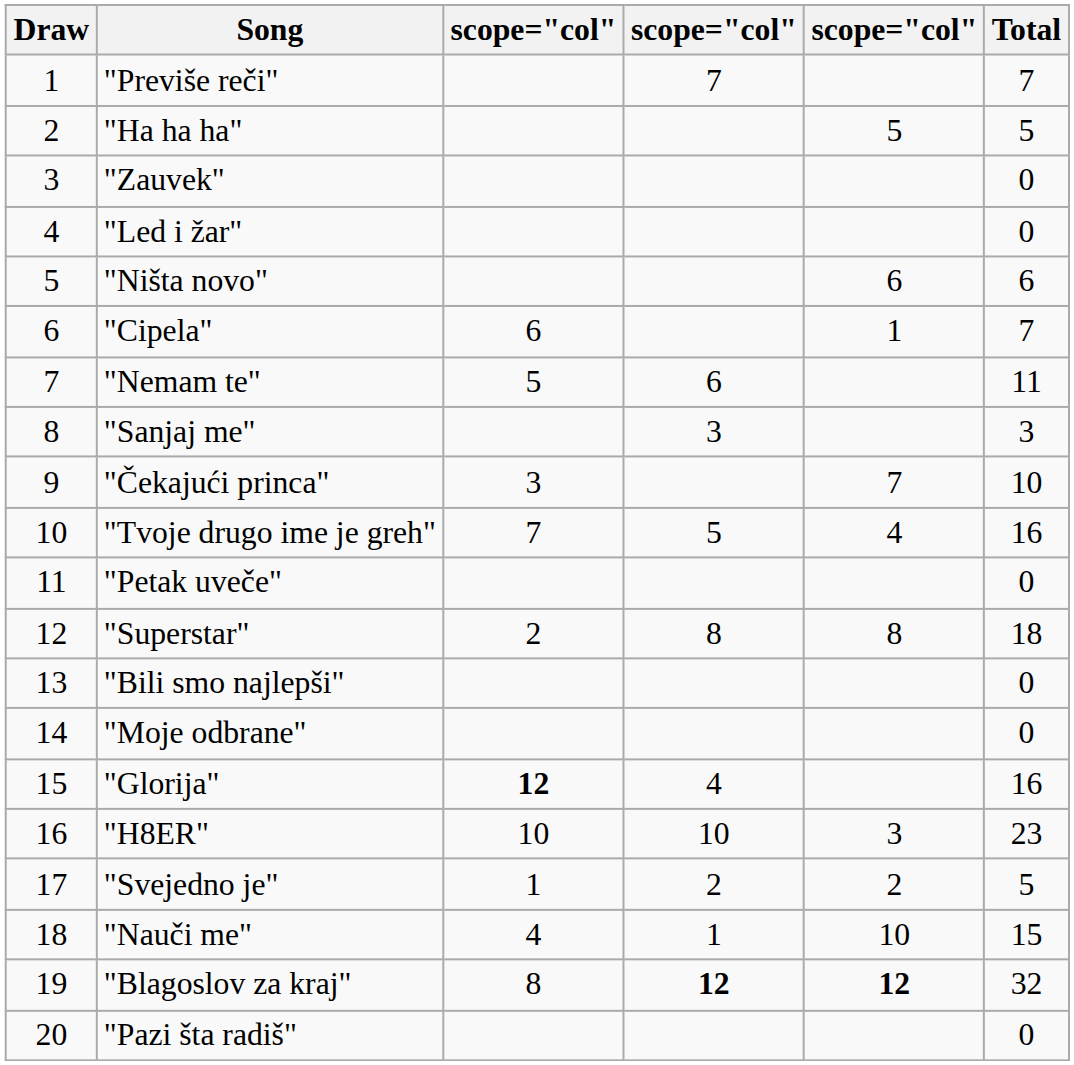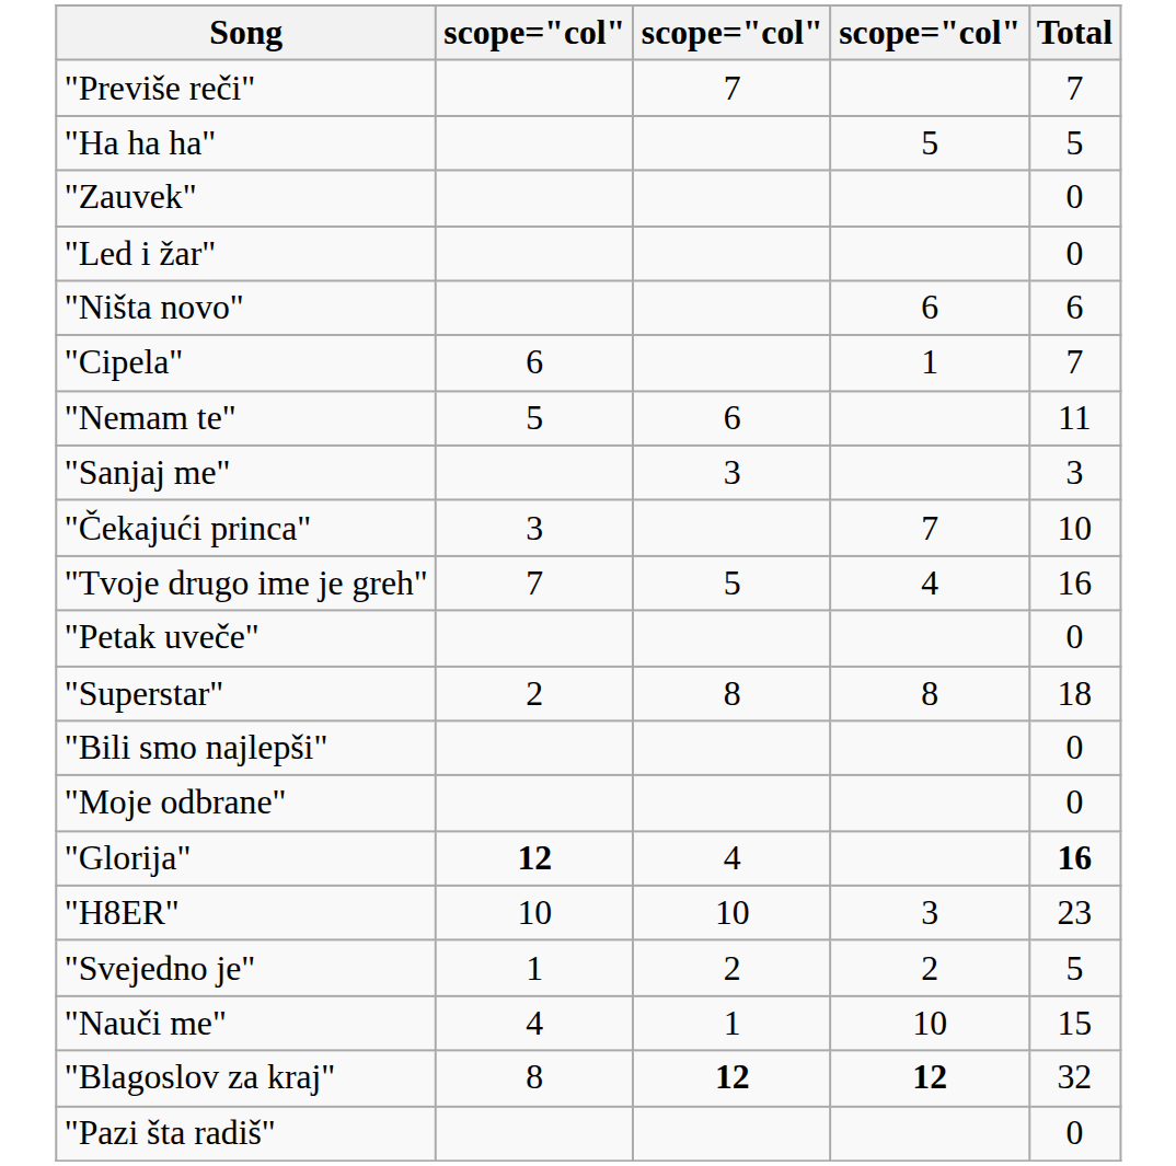 <table class="wikitable collapsible" style="margin: 1em auto 1em auto; text-align:center;">
 <tr>
-<th>Draw</th>
 <th>Song</th>
 <th>scope="col" </th>
 <th>scope="col" </th>
 <th>scope="col" </th>
 <th>Total</th>
 </tr>
 <tr>
-<td>1</td>
 <td align="left">"Previše reči"</td>
 <td></td>
 <td>7</td>
 <td></td>
 <td>7</td>
 </tr>
 <tr>
-<td>2</td>
 <td align="left">"Ha ha ha"</td>
 <td></td>
 <td></td>
 <td>5</td>
 <td>5</td>
 </tr>
 <tr>
-<td>3</td>
 <td align="left">"Zauvek"</td>
 <td></td>
 <td></td>
 <td></td>
 <td>0</td>
 </tr>
 <tr>
-<td>4</td>
 <td align="left">"Led i žar"</td>
 <td></td>
 <td></td>
 <td></td>
 <td>0</td>
 </tr>
 <tr>
-<td>5</td>
 <td align="left">"Ništa novo"</td>
 <td></td>
 <td></td>
 <td>6</td>
 <td>6</td>
 </tr>
 <tr>
-<td>6</td>
 <td align="left">"Cipela"</td>
 <td>6</td>
 <td></td>
 <td>1</td>
 <td>7</td>
 </tr>
 <tr>
-<td>7</td>
 <td align="left">"Nemam te"</td>
 <td>5</td>
 <td>6</td>
 <td></td>
 <td>11</td>
 </tr>
 <tr>
-<td>8</td>
 <td align="left">"Sanjaj me"</td>
 <td></td>
 <td>3</td>
 <td></td>
 <td>3</td>
 </tr>
 <tr>
-<td>9</td>
 <td align="left">"Čekajući princa"</td>
 <td>3</td>
 <td></td>
 <td>7</td>
 <td>10</td>
 </tr>
 <tr>
-<td>10</td>
 <td align="left">"Tvoje drugo ime je greh"</td>
 <td>7</td>
 <td>5</td>
 <td>4</td>
 <td>16</td>
 </tr>
 <tr>
-<td>11</td>
 <td align="left">"Petak uveče"</td>
 <td></td>
 <td></td>
 <td></td>
 <td>0</td>
 </tr>
 <tr>
-<td>12</td>
 <td align="left">"Superstar"</td>
 <td>2</td>
 <td>8</td>
 <td>8</td>
 <td>18</td>
 </tr>
 <tr>
-<td>13</td>
 <td align="left">"Bili smo najlepši"</td>
 <td></td>
 <td></td>
 <td></td>
 <td>0</td>
 </tr>
 <tr>
-<td>14</td>
 <td align="left">"Moje odbrane"</td>
 <td></td>
 <td></td>
 <td></td>
 <td>0</td>
 </tr>
 <tr>
-<td>15</td>
 <td align="left">"Glorija"</td>
 <td><strong>12</strong></td>
 <td>4</td>
 <td></td>
-<td>16</td>
+<td><strong>16</strong></td>
 </tr>
 <tr>
-<td>16</td>
 <td align="left">"H8ER"</td>
 <td>10</td>
 <td>10</td>
 <td>3</td>
 <td>23</td>
 </tr>
 <tr>
-<td>17</td>
 <td align="left">"Svejedno je"</td>
 <td>1</td>
 <td>2</td>
 <td>2</td>
 <td>5</td>
 </tr>
 <tr>
-<td>18</td>
 <td align="left">"Nauči me"</td>
 <td>4</td>
 <td>1</td>
 <td>10</td>
 <td>15</td>
 </tr>
 <tr>
-<td>19</td>
 <td align="left">"Blagoslov za kraj"</td>
 <td>8</td>
 <td><strong>12</strong></td>
 <td><strong>12</strong></td>
 <td>32</td>
 </tr>
 <tr>
-<td>20</td>
 <td align="left">"Pazi šta radiš"</td>
 <td></td>
 <td></td>
 <td></td>
 <td>0</td>
 </tr>
 </table>
